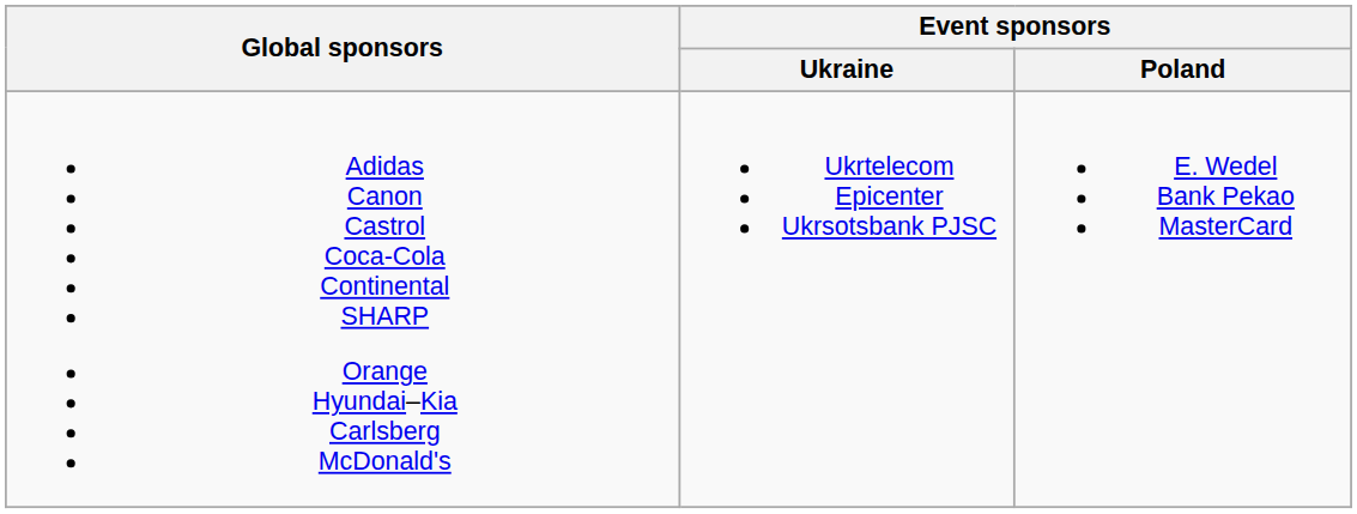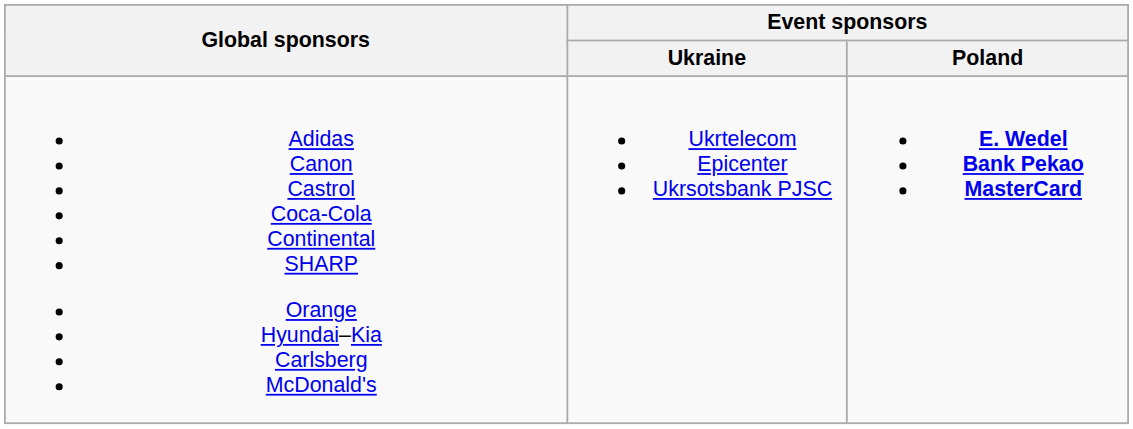 <table class="wikitable" style="font-size:12px; text-align:center; width:50%;">
 <tr>
 <th rowspan="2" style="width:50%;">Global sponsors</th>
 <th colspan=2>Event sponsors</th>
 </tr>
 <tr>
 <th width=25%>Ukraine</th>
 <th width=25%>Poland</th>
 </tr>
 <tr>
 <td><br> <ul><li><a href='#'>Adidas</a></li><li><a href='#'>Canon</a></li><li><a href='#'>Castrol</a></li><li><a href='#'>Coca-Cola</a></li><li><a href='#'>Continental</a></li><li><a href='#'>SHARP</a></li></ul><ul><li><a href='#'>Orange</a></li><li><a href='#'>Hyundai</a>–<a href='#'>Kia</a></li><li><a href='#'>Carlsberg</a></li><li><a href='#'>McDonald's</a></li></ul></td>
 <td valign=top><br><ul><li><a href='#'>Ukrtelecom</a></li><li><a href='#'>Epicenter</a></li><li><a href='#'>Ukrsotsbank PJSC</a></li></ul></td>
-<td valign=top><br><ul><li><a href='#'>E. Wedel</a></li><li><a href='#'>Bank Pekao</a></li><li><a href='#'>MasterCard</a></li></ul></td>
+<td valign=top><strong><br><ul><li><a href='#'>E. Wedel</a></li><li><a href='#'>Bank Pekao</a></li><li><a href='#'>MasterCard</a></li></ul></strong></td>
 </tr>
 </table>
